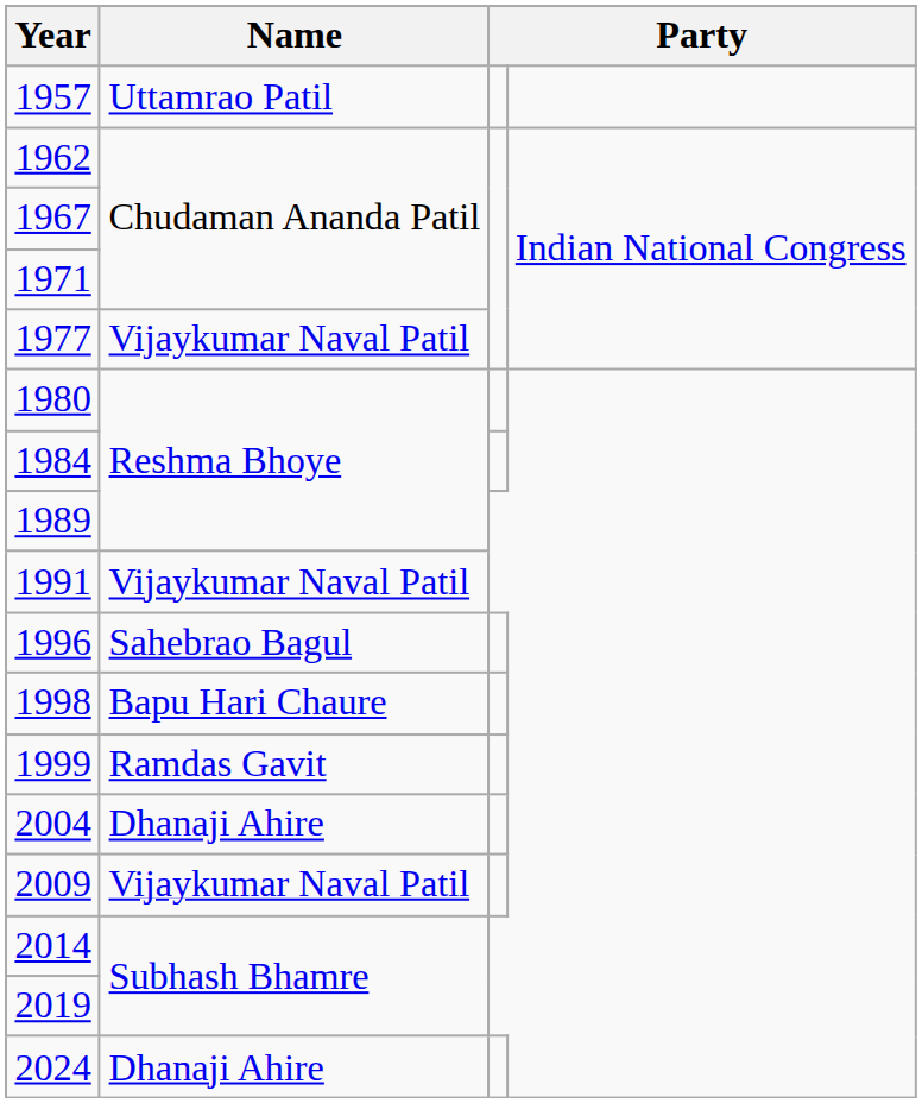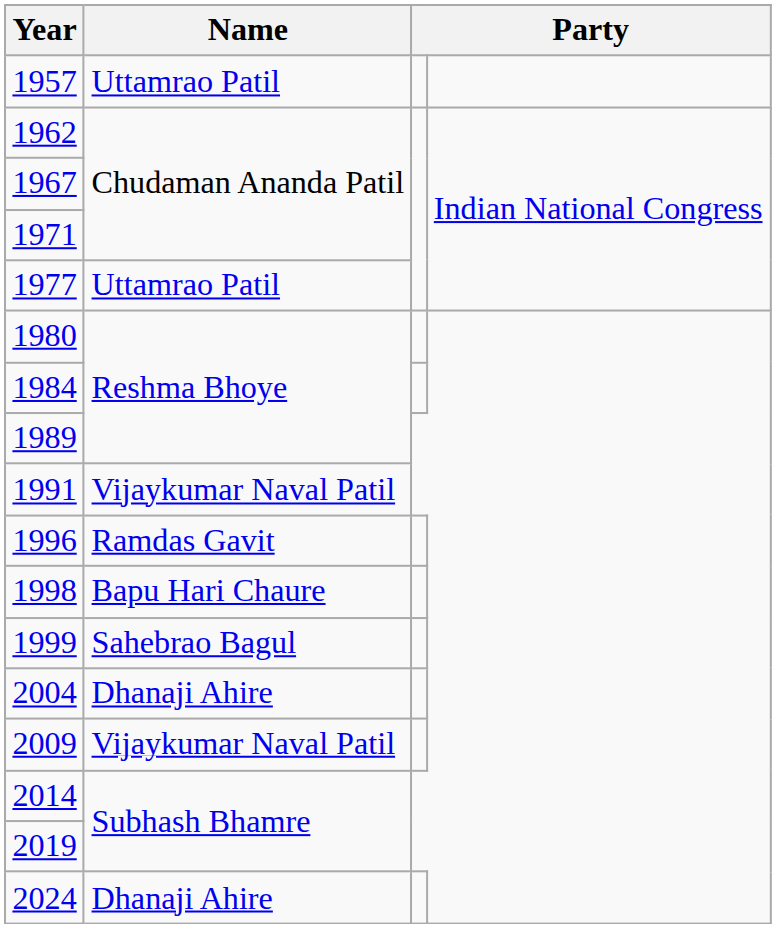 <table class="wikitable">
 <tr>
 <th>Year</th>
 <th>Name</th>
 <th colspan="2">Party</th>
 </tr>
 <tr>
 <td><a href='#'>1957</a></td>
 <td><a href='#'>Uttamrao Patil</a></td>
 <td></td>
 </tr>
 <tr>
 <td><a href='#'>1962</a></td>
 <td rowspan="3">Chudaman Ananda Patil</td>
 <td rowspan="4" style="background-color: "></td>
 <td rowspan="4"><a href='#'>Indian National Congress</a></td>
 </tr>
 <tr>
 <td><a href='#'>1967</a></td>
 </tr>
 <tr>
 <td><a href='#'>1971</a></td>
 </tr>
 <tr>
 <td><a href='#'>1977</a></td>
-<td><a href='#'>Vijaykumar Naval Patil</a></td>
+<td><a href='#'>Uttamrao Patil</a></td>
 </tr>
 <tr>
 <td><a href='#'>1980</a></td>
 <td rowspan="3"><a href='#'>Reshma Bhoye</a></td>
 <td></td>
 </tr>
 <tr>
 <td><a href='#'>1984</a></td>
 <td></td>
 </tr>
 <tr>
 <td><a href='#'>1989</a></td>
 </tr>
 <tr>
 <td><a href='#'>1991</a></td>
 <td><a href='#'>Vijaykumar Naval Patil</a></td>
 </tr>
 <tr>
 <td><a href='#'>1996</a></td>
-<td><a href='#'>Sahebrao Bagul</a></td>
+<td><a href='#'>Ramdas Gavit</a></td>
 <td></td>
 </tr>
 <tr>
 <td><a href='#'>1998</a></td>
 <td><a href='#'>Bapu Hari Chaure</a></td>
 <td></td>
 </tr>
 <tr>
 <td><a href='#'>1999</a></td>
-<td><a href='#'>Ramdas Gavit</a></td>
+<td><a href='#'>Sahebrao Bagul</a></td>
 <td></td>
 </tr>
 <tr>
 <td><a href='#'>2004</a></td>
 <td><a href='#'>Dhanaji Ahire</a></td>
 <td></td>
 </tr>
 <tr>
 <td><a href='#'>2009</a></td>
 <td><a href='#'>Vijaykumar Naval Patil</a></td>
 <td></td>
 </tr>
 <tr>
 <td><a href='#'>2014</a></td>
 <td rowspan="2"><a href='#'>Subhash Bhamre</a></td>
 </tr>
 <tr>
 <td><a href='#'>2019</a></td>
 </tr>
 <tr>
 <td><a href='#'>2024</a></td>
 <td><a href='#'>Dhanaji Ahire</a></td>
 <td></td>
 </tr>
 </table>
